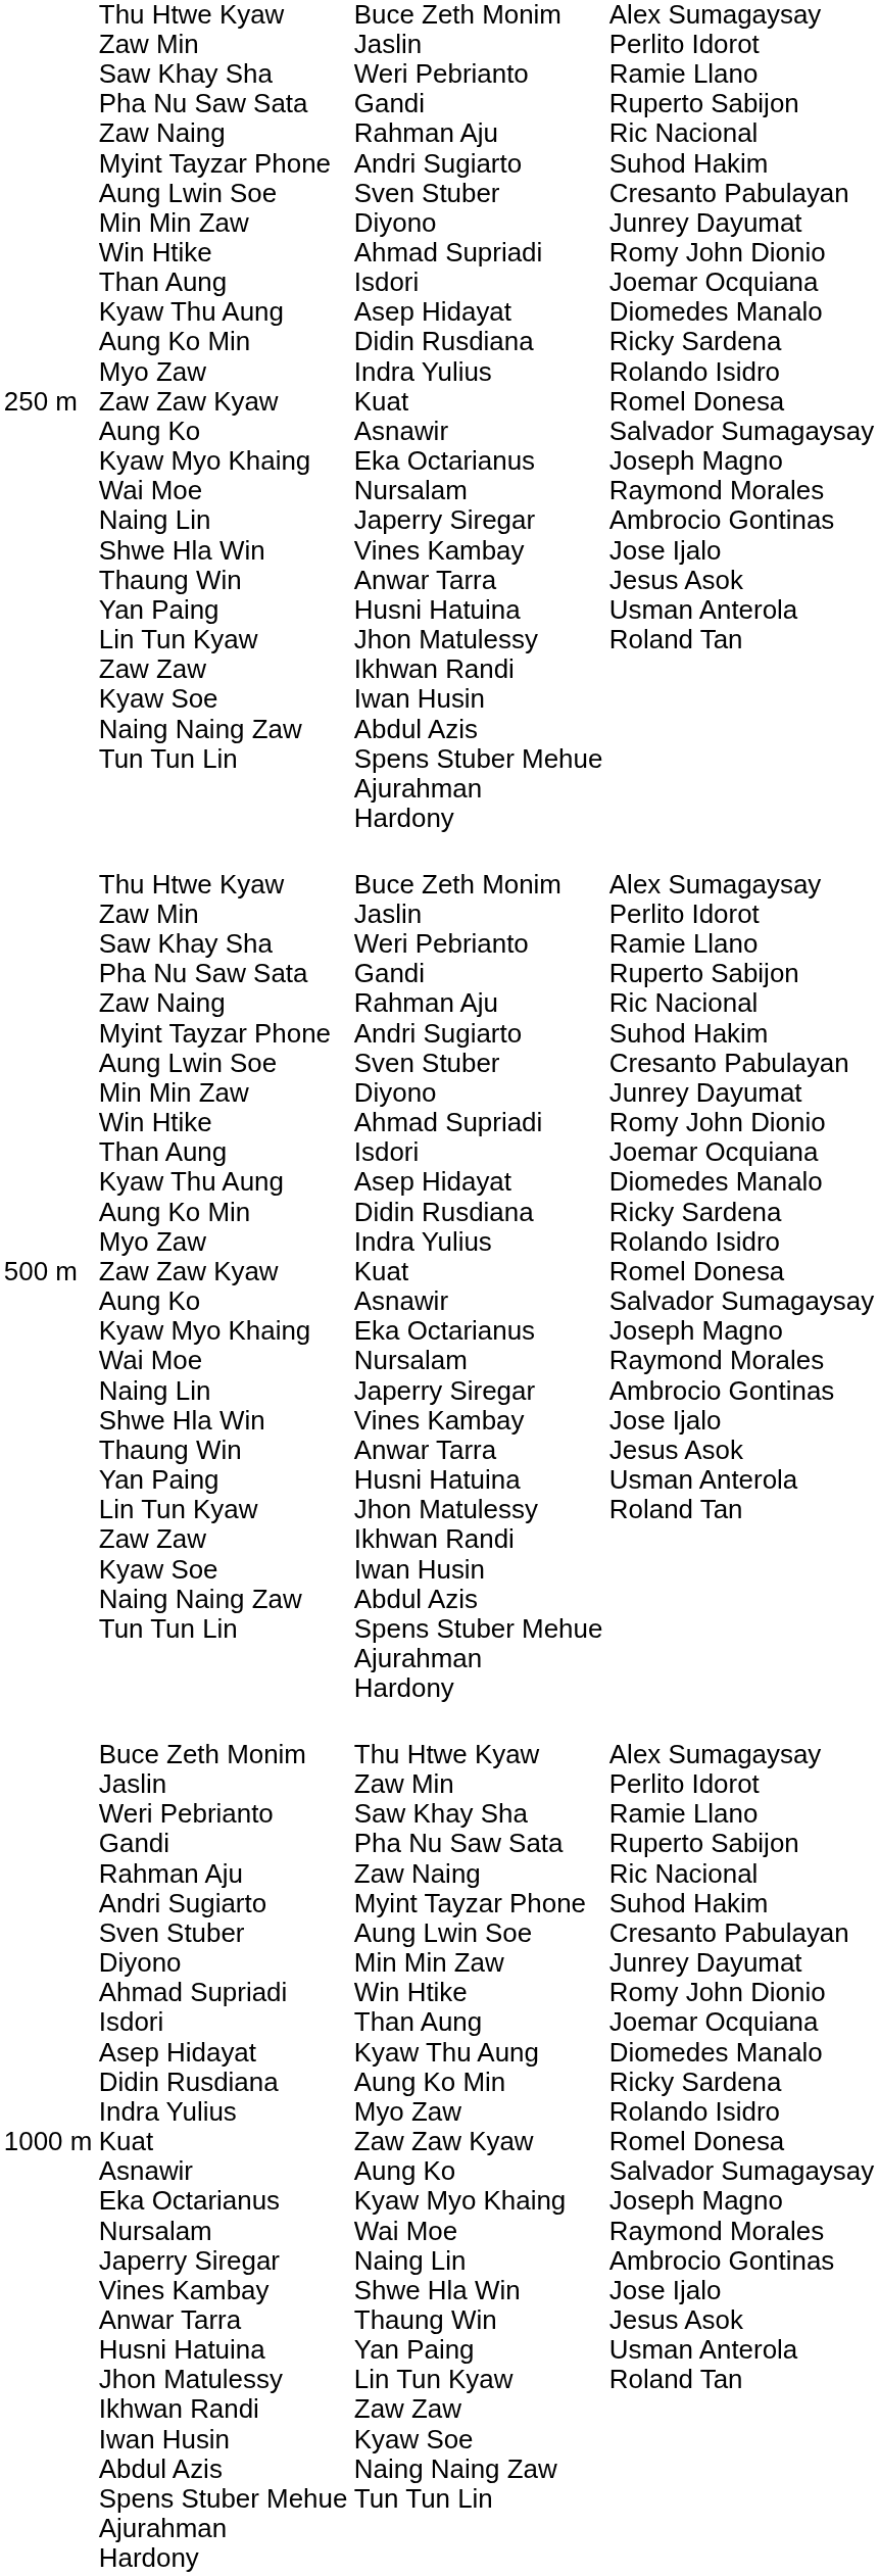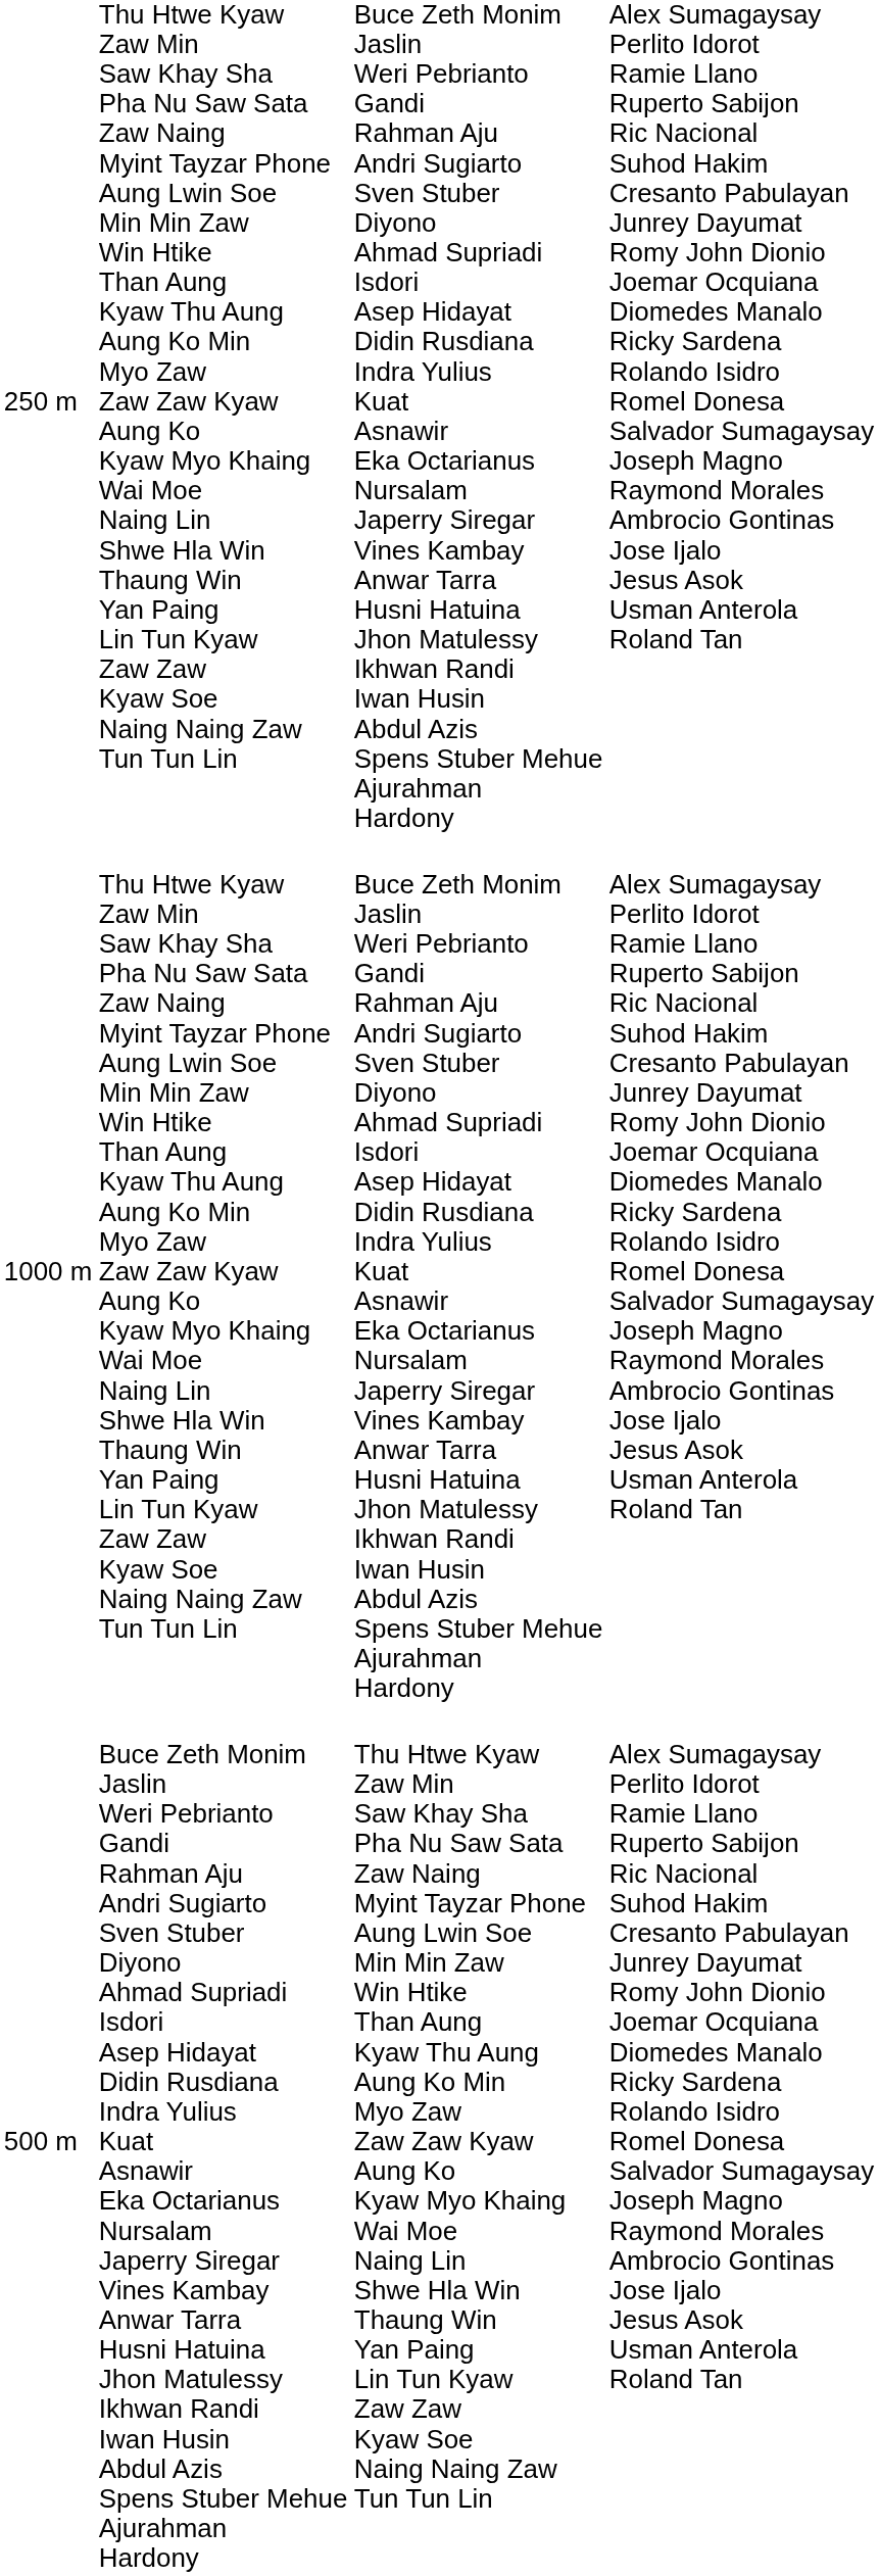 <table>
 <tr>
 <td>250 m</td>
 <td valign=top><br>Thu Htwe Kyaw<br>Zaw Min<br>Saw Khay Sha<br>Pha Nu Saw Sata<br>Zaw Naing<br>Myint Tayzar Phone<br>Aung Lwin Soe<br>Min Min Zaw<br>Win Htike<br>Than Aung<br>Kyaw Thu Aung<br>Aung Ko Min<br>Myo Zaw<br>Zaw Zaw Kyaw<br>Aung Ko<br>Kyaw Myo Khaing<br>Wai Moe<br>Naing Lin<br>Shwe Hla Win<br>Thaung Win<br>Yan Paing<br>Lin Tun Kyaw<br>Zaw Zaw<br>Kyaw Soe<br>Naing Naing Zaw<br>Tun Tun Lin</td>
 <td><br>Buce Zeth Monim<br>Jaslin<br>Weri Pebrianto<br>Gandi<br>Rahman Aju<br>Andri Sugiarto<br>Sven Stuber<br>Diyono<br>Ahmad Supriadi<br>Isdori<br>Asep Hidayat<br>Didin Rusdiana<br>Indra Yulius<br>Kuat<br>Asnawir<br>Eka Octarianus<br>Nursalam<br>Japerry Siregar<br>Vines Kambay<br>Anwar Tarra<br>Husni Hatuina<br>Jhon Matulessy<br>Ikhwan Randi<br>Iwan Husin<br>Abdul Azis<br>Spens Stuber Mehue<br>Ajurahman<br>Hardony</td>
 <td valign=top><br>Alex Sumagaysay<br>Perlito Idorot<br>Ramie Llano<br>Ruperto Sabijon<br>Ric Nacional<br>Suhod Hakim<br>Cresanto Pabulayan<br>Junrey Dayumat<br>Romy John Dionio<br>Joemar Ocquiana<br>Diomedes Manalo<br>Ricky Sardena<br>Rolando Isidro<br>Romel Donesa<br>Salvador Sumagaysay<br>Joseph Magno<br>Raymond Morales<br>Ambrocio Gontinas<br>Jose Ijalo<br>Jesus Asok<br>Usman Anterola<br>Roland Tan</td>
 </tr>
 <tr>
-<td>500 m</td>
+<td>1000 m</td>
 <td valign=top><br>Thu Htwe Kyaw<br>Zaw Min<br>Saw Khay Sha<br>Pha Nu Saw Sata<br>Zaw Naing<br>Myint Tayzar Phone<br>Aung Lwin Soe<br>Min Min Zaw<br>Win Htike<br>Than Aung<br>Kyaw Thu Aung<br>Aung Ko Min<br>Myo Zaw<br>Zaw Zaw Kyaw<br>Aung Ko<br>Kyaw Myo Khaing<br>Wai Moe<br>Naing Lin<br>Shwe Hla Win<br>Thaung Win<br>Yan Paing<br>Lin Tun Kyaw<br>Zaw Zaw<br>Kyaw Soe<br>Naing Naing Zaw<br>Tun Tun Lin</td>
 <td><br>Buce Zeth Monim<br>Jaslin<br>Weri Pebrianto<br>Gandi<br>Rahman Aju<br>Andri Sugiarto<br>Sven Stuber<br>Diyono<br>Ahmad Supriadi<br>Isdori<br>Asep Hidayat<br>Didin Rusdiana<br>Indra Yulius<br>Kuat<br>Asnawir<br>Eka Octarianus<br>Nursalam<br>Japerry Siregar<br>Vines Kambay<br>Anwar Tarra<br>Husni Hatuina<br>Jhon Matulessy<br>Ikhwan Randi<br>Iwan Husin<br>Abdul Azis<br>Spens Stuber Mehue<br>Ajurahman<br>Hardony</td>
 <td valign=top><br>Alex Sumagaysay<br>Perlito Idorot<br>Ramie Llano<br>Ruperto Sabijon<br>Ric Nacional<br>Suhod Hakim<br>Cresanto Pabulayan<br>Junrey Dayumat<br>Romy John Dionio<br>Joemar Ocquiana<br>Diomedes Manalo<br>Ricky Sardena<br>Rolando Isidro<br>Romel Donesa<br>Salvador Sumagaysay<br>Joseph Magno<br>Raymond Morales<br>Ambrocio Gontinas<br>Jose Ijalo<br>Jesus Asok<br>Usman Anterola<br>Roland Tan</td>
 </tr>
 <tr>
-<td>1000 m</td>
+<td>500 m</td>
 <td><br>Buce Zeth Monim<br>Jaslin<br>Weri Pebrianto<br>Gandi<br>Rahman Aju<br>Andri Sugiarto<br>Sven Stuber<br>Diyono<br>Ahmad Supriadi<br>Isdori<br>Asep Hidayat<br>Didin Rusdiana<br>Indra Yulius<br>Kuat<br>Asnawir<br>Eka Octarianus<br>Nursalam<br>Japerry Siregar<br>Vines Kambay<br>Anwar Tarra<br>Husni Hatuina<br>Jhon Matulessy<br>Ikhwan Randi<br>Iwan Husin<br>Abdul Azis<br>Spens Stuber Mehue<br>Ajurahman<br>Hardony</td>
 <td valign=top><br>Thu Htwe Kyaw<br>Zaw Min<br>Saw Khay Sha<br>Pha Nu Saw Sata<br>Zaw Naing<br>Myint Tayzar Phone<br>Aung Lwin Soe<br>Min Min Zaw<br>Win Htike<br>Than Aung<br>Kyaw Thu Aung<br>Aung Ko Min<br>Myo Zaw<br>Zaw Zaw Kyaw<br>Aung Ko<br>Kyaw Myo Khaing<br>Wai Moe<br>Naing Lin<br>Shwe Hla Win<br>Thaung Win<br>Yan Paing<br>Lin Tun Kyaw<br>Zaw Zaw<br>Kyaw Soe<br>Naing Naing Zaw<br>Tun Tun Lin</td>
 <td valign=top><br>Alex Sumagaysay<br>Perlito Idorot<br>Ramie Llano<br>Ruperto Sabijon<br>Ric Nacional<br>Suhod Hakim<br>Cresanto Pabulayan<br>Junrey Dayumat<br>Romy John Dionio<br>Joemar Ocquiana<br>Diomedes Manalo<br>Ricky Sardena<br>Rolando Isidro<br>Romel Donesa<br>Salvador Sumagaysay<br>Joseph Magno<br>Raymond Morales<br>Ambrocio Gontinas<br>Jose Ijalo<br>Jesus Asok<br>Usman Anterola<br>Roland Tan</td>
 </tr>
 </table>
